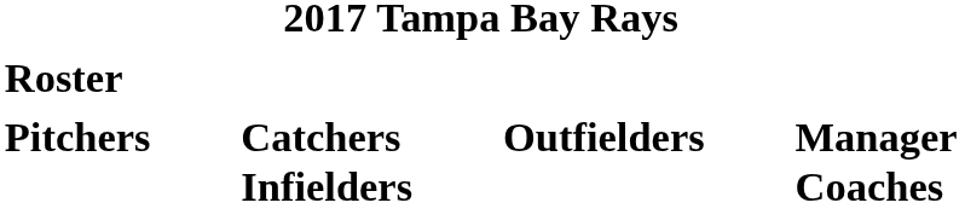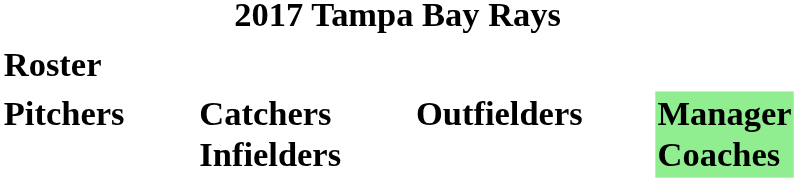 <table class="toccolours" style="font-size: 95%;">
 <tr>
 <th colspan="10">2017 Tampa Bay Rays</th>
 </tr>
 <tr>
 <td colspan="10"><strong>Roster</strong></td>
 </tr>
 <tr>
 <td valign="top"><strong>Pitchers</strong><br>                            </td>
 <td style="width:25px;"></td>
 <td valign="top"><strong>Catchers</strong><br>    <strong>Infielders</strong>            </td>
 <td style="width:25px;"></td>
 <td valign="top"><strong>Outfielders</strong><br>       </td>
 <td style="width:25px;"></td>
-<td valign="top"><strong>Manager</strong><br> <strong>Coaches</strong>                  </td>
+<td valign="top" style="background: lightgreen;"><strong>Manager</strong><br> <strong>Coaches</strong>                  </td>
 </tr>
 </table>
